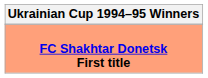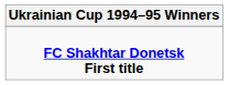 <table class="wikitable" style="text-align: center; margin: 0 auto;">
 <tr>
 <th>Ukrainian Cup 1994–95 Winners</th>
 </tr>
 <tr>
 </tr>
 <tr>
-<td style="background: lightsalmon;"><br><strong><a href='#'>FC Shakhtar Donetsk</a></strong><br><strong>First title</strong></td>
+<td><br><strong><a href='#'>FC Shakhtar Donetsk</a></strong><br><strong>First title</strong></td>
 </tr>
 </table>
